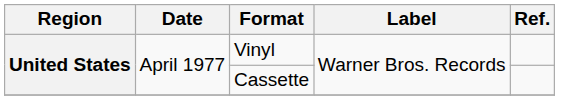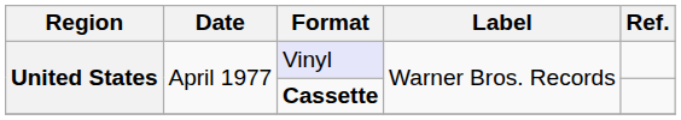 <table class="wikitable plainrowheaders">
 <tr>
 <th scope="col">Region</th>
 <th scope="col">Date</th>
 <th scope="col">Format</th>
 <th scope="col">Label</th>
 <th scope="col">Ref.</th>
 </tr>
 <tr>
 <th scope="row" rowspan="2">United States</th>
 <td rowspan="2">April 1977</td>
-<td>Vinyl</td>
+<td style="background: lavender;">Vinyl</td>
 <td rowspan="2">Warner Bros. Records</td>
 <td></td>
 </tr>
 <tr>
-<td>Cassette</td>
+<td><strong>Cassette</strong></td>
 <td></td>
 </tr>
 <tr>
 </tr>
 </table>
